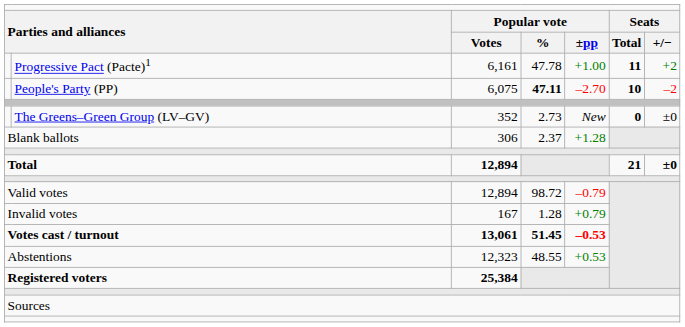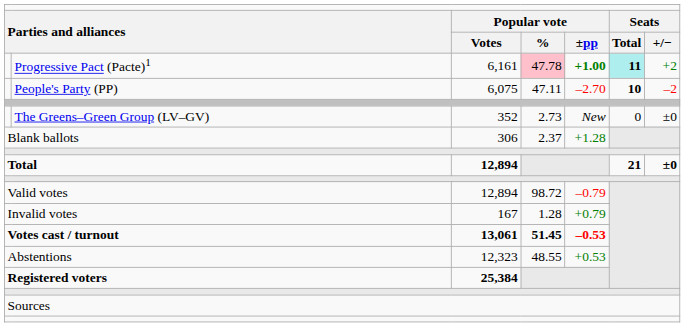 <table class="wikitable" style="text-align:right;">
 <tr>
 <td colspan="7"></td>
 </tr>
 <tr>
 <th style="text-align:left;" rowspan="2" colspan="2" width="525">Parties and alliances</th>
 <th colspan="3">Popular vote</th>
 <th colspan="2">Seats</th>
 </tr>
 <tr>
 <th width="75">Votes</th>
 <th width="45">%</th>
 <th width="45">±<a href='#'>pp</a></th>
 <th width="35">Total</th>
 <th width="35">+/−</th>
 </tr>
 <tr>
 <td width="1" style="color:inherit;background:"></td>
 <td align="left"><a href='#'>Progressive Pact</a> (Pacte)<sup>1</sup></td>
 <td>6,161</td>
-<td>47.78</td>
-<td style="color:green;">+1.00</td>
-<td><strong>11</strong></td>
+<td style="background: pink;">47.78</td>
+<td style="color:green;"><strong>+1.00</strong></td>
+<td style="background: paleturquoise;"><strong>11</strong></td>
 <td style="color:green;">+2</td>
 </tr>
 <tr>
 <td style="color:inherit;background:"></td>
 <td align="left"><a href='#'>People's Party</a> (PP)</td>
 <td>6,075</td>
-<td><strong>47.11</strong></td>
+<td>47.11</td>
 <td style="color:red;">–2.70</td>
 <td><strong>10</strong></td>
 <td style="color:red;">–2</td>
 </tr>
 <tr>
 <td colspan="7" bgcolor="#C0C0C0"></td>
 </tr>
 <tr>
 <td style="color:inherit;background:"></td>
 <td align="left"><a href='#'>The Greens–Green Group</a> (LV–GV)</td>
 <td>352</td>
 <td>2.73</td>
 <td><em>New</em></td>
-<td><strong>0</strong></td>
+<td>0</td>
 <td>±0</td>
 </tr>
 <tr>
 <td align="left" colspan="2">Blank ballots</td>
 <td>306</td>
 <td>2.37</td>
 <td style="color:green;">+1.28</td>
 <td bgcolor="#E9E9E9" colspan="2"></td>
 </tr>
 <tr>
 <td colspan="7" bgcolor="#E9E9E9"></td>
 </tr>
 <tr style="font-weight:bold;">
 <td align="left" colspan="2">Total</td>
 <td>12,894</td>
 <td bgcolor="#E9E9E9" colspan="2"></td>
 <td>21</td>
 <td>±0</td>
 </tr>
 <tr>
 <td colspan="7" bgcolor="#E9E9E9"></td>
 </tr>
 <tr>
 <td align="left" colspan="2">Valid votes</td>
 <td>12,894</td>
 <td>98.72</td>
 <td style="color:red;">–0.79</td>
 <td bgcolor="#E9E9E9" colspan="2" rowspan="5"></td>
 </tr>
 <tr>
 <td align="left" colspan="2">Invalid votes</td>
 <td>167</td>
 <td>1.28</td>
 <td style="color:green;">+0.79</td>
 </tr>
 <tr style="font-weight:bold;">
 <td align="left" colspan="2">Votes cast / turnout</td>
 <td>13,061</td>
 <td>51.45</td>
 <td style="color:red;">–0.53</td>
 </tr>
 <tr>
 <td align="left" colspan="2">Abstentions</td>
 <td>12,323</td>
 <td>48.55</td>
 <td style="color:green;">+0.53</td>
 </tr>
 <tr style="font-weight:bold;">
 <td align="left" colspan="2">Registered voters</td>
 <td>25,384</td>
 <td bgcolor="#E9E9E9" colspan="2"></td>
 </tr>
 <tr>
 <td colspan="7" bgcolor="#E9E9E9"></td>
 </tr>
 <tr>
 <td align="left" colspan="7">Sources</td>
 </tr>
 <tr>
 <td colspan="7" style="text-align:left; max-width:790px;"></td>
 </tr>
 </table>
